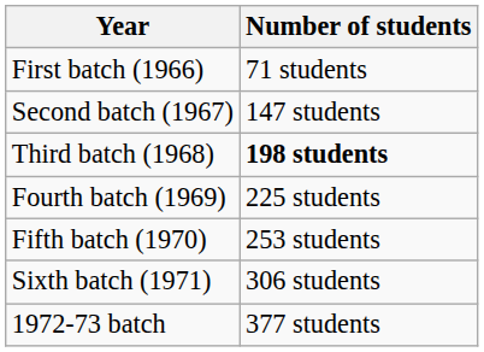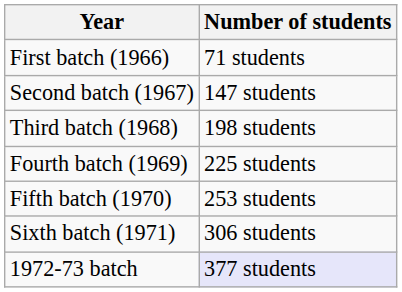 <table class="wikitable">
 <tr>
 <th>Year</th>
 <th>Number of students</th>
 </tr>
 <tr>
 <td>First batch (1966)</td>
 <td>71 students</td>
 </tr>
 <tr>
 <td>Second batch (1967)</td>
 <td>147 students</td>
 </tr>
 <tr>
 <td>Third batch (1968)</td>
-<td><strong>198 students</strong></td>
+<td>198 students</td>
 </tr>
 <tr>
 <td>Fourth batch (1969)</td>
 <td>225 students</td>
 </tr>
 <tr>
 <td>Fifth batch (1970)</td>
 <td>253 students</td>
 </tr>
 <tr>
 <td>Sixth batch (1971)</td>
 <td>306 students</td>
 </tr>
 <tr>
 <td>1972-73 batch</td>
-<td>377 students</td>
+<td style="background: lavender;">377 students</td>
 </tr>
 </table>
